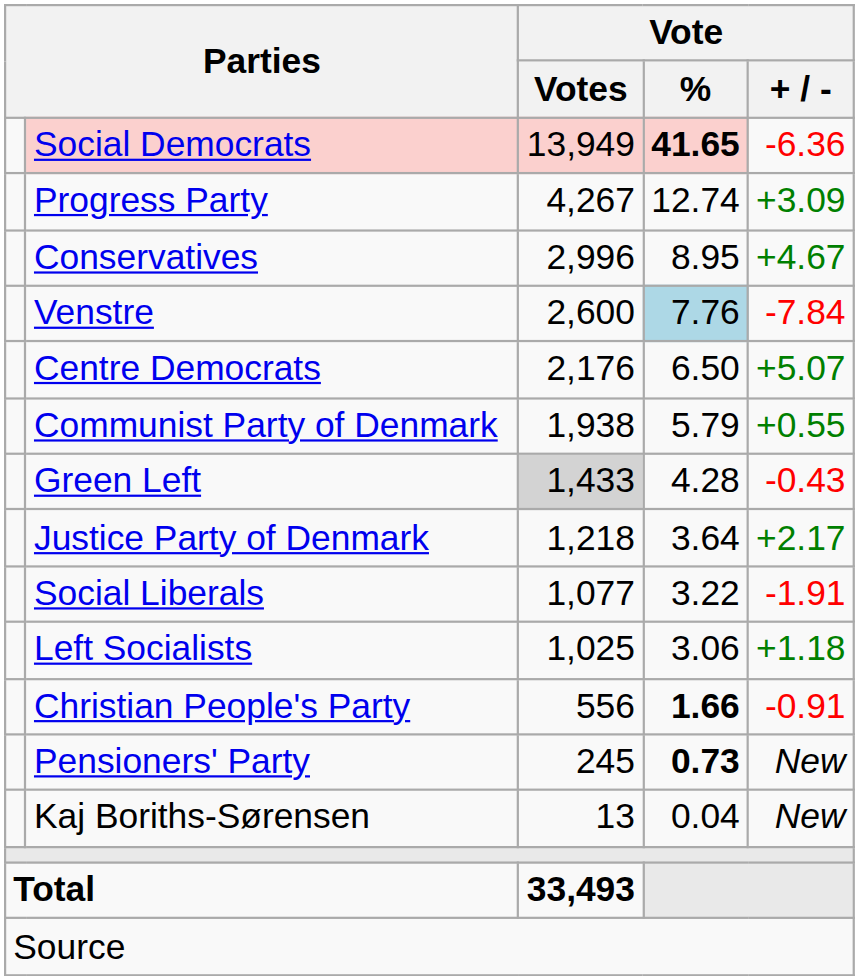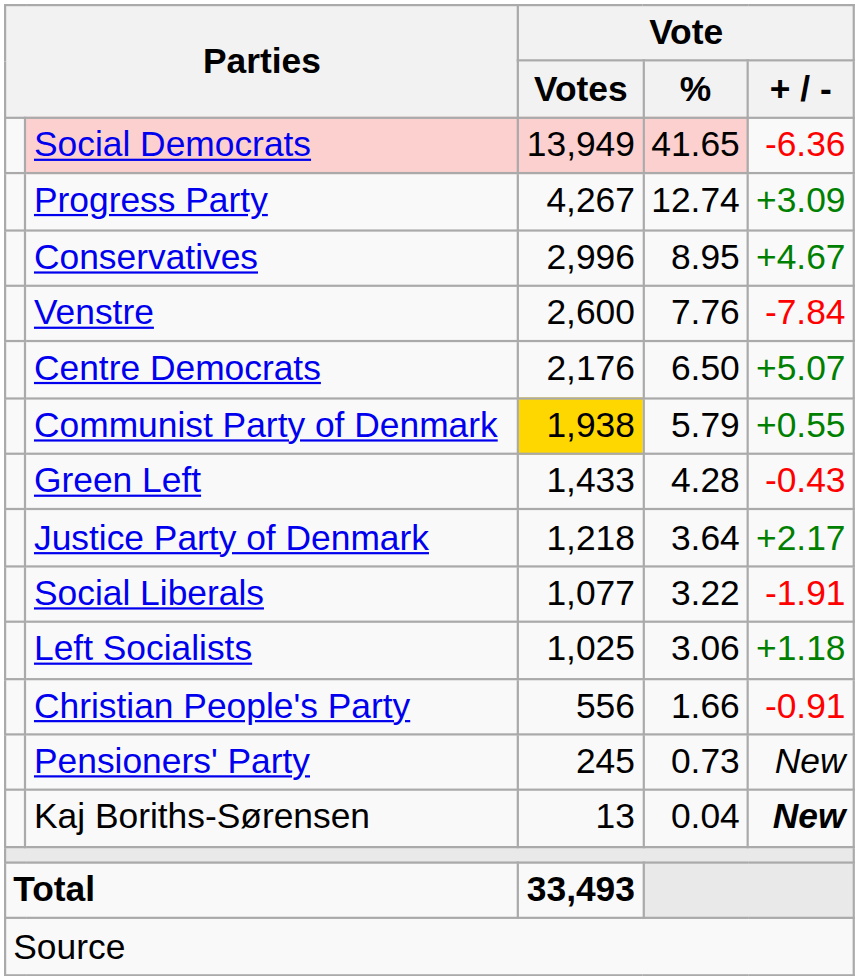 <table class="wikitable" style="text-align:right;">
 <tr>
 <th style="text-align:centre;" rowspan="2" colspan="2" width="225">Parties</th>
 <th colspan="3">Vote</th>
 </tr>
 <tr>
 <th width="15">Votes</th>
 <th width="15">%</th>
 <th width="15">+ / -</th>
 </tr>
 <tr>
 <td width="2" style="color:inherit;background:"></td>
 <td bgcolor=#fbd0ce  align="left"><a href='#'>Social Democrats</a></td>
 <td bgcolor=#fbd0ce>13,949</td>
-<td bgcolor=#fbd0ce><strong>41.65</strong></td>
+<td bgcolor=#fbd0ce>41.65</td>
 <td style=color:red;>-6.36</td>
 </tr>
 <tr>
 <td width="2" style="color:inherit;background:"></td>
 <td align="left"><a href='#'>Progress Party</a></td>
 <td>4,267</td>
 <td>12.74</td>
 <td style=color:green;>+3.09</td>
 </tr>
 <tr>
 <td width="2" style="color:inherit;background:"></td>
 <td align="left"><a href='#'>Conservatives</a></td>
 <td>2,996</td>
 <td>8.95</td>
 <td style=color:green;>+4.67</td>
 </tr>
 <tr>
 <td width="2" style="color:inherit;background:"></td>
 <td align="left"><a href='#'>Venstre</a></td>
 <td>2,600</td>
-<td style="background: lightblue;">7.76</td>
+<td>7.76</td>
 <td style=color:red;>-7.84</td>
 </tr>
 <tr>
 <td width="2" style="color:inherit;background:"></td>
 <td align="left"><a href='#'>Centre Democrats</a></td>
 <td>2,176</td>
 <td>6.50</td>
 <td style=color:green;>+5.07</td>
 </tr>
 <tr>
 <td width="2" style="color:inherit;background:"></td>
 <td align="left"><a href='#'>Communist Party of Denmark</a></td>
-<td>1,938</td>
+<td style="background: gold;">1,938</td>
 <td>5.79</td>
 <td style=color:green;>+0.55</td>
 </tr>
 <tr>
 <td width="2" style="color:inherit;background:"></td>
 <td align="left"><a href='#'>Green Left</a></td>
-<td style="background: lightgrey;">1,433</td>
+<td>1,433</td>
 <td>4.28</td>
 <td style=color:red;>-0.43</td>
 </tr>
 <tr>
 <td width="2" style="color:inherit;background:"></td>
 <td align="left"><a href='#'>Justice Party of Denmark</a></td>
 <td>1,218</td>
 <td>3.64</td>
 <td style=color:green;>+2.17</td>
 </tr>
 <tr>
 <td width="2" style="color:inherit;background:"></td>
 <td align="left"><a href='#'>Social Liberals</a></td>
 <td>1,077</td>
 <td>3.22</td>
 <td style=color:red;>-1.91</td>
 </tr>
 <tr>
 <td width="2" style="color:inherit;background:"></td>
 <td align="left"><a href='#'>Left Socialists</a></td>
 <td>1,025</td>
 <td>3.06</td>
 <td style=color:green;>+1.18</td>
 </tr>
 <tr>
 <td width="2" style="color:inherit;background:"></td>
 <td align="left"><a href='#'>Christian People's Party</a></td>
 <td>556</td>
-<td><strong>1.66</strong></td>
+<td>1.66</td>
 <td style=color:red;>-0.91</td>
 </tr>
 <tr>
 <td width="2" style="color:inherit;background:"></td>
 <td align="left"><a href='#'>Pensioners' Party</a></td>
 <td>245</td>
-<td><strong>0.73</strong></td>
+<td>0.73</td>
 <td><em>New</em></td>
 </tr>
 <tr>
 <td width="2" style="color:inherit;background:"></td>
 <td align="left">Kaj Boriths-Sørensen</td>
 <td>13</td>
 <td>0.04</td>
-<td><em>New</em></td>
+<td><strong><em>New</em></strong></td>
 </tr>
 <tr>
 <td colspan="7" bgcolor="#E9E9E9"></td>
 </tr>
 <tr>
 <td align="left" colspan="2"><strong>Total</strong></td>
 <td><strong>33,493</strong></td>
 <td bgcolor="#E9E9E9" colspan="2"></td>
 </tr>
 <tr>
 <td align="left" colspan="6">Source</td>
 </tr>
 </table>
